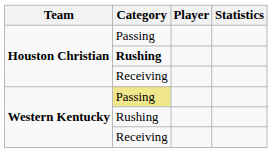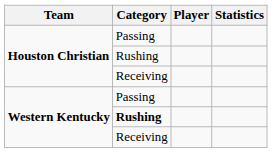 <table class="wikitable" style="float: right;">
 <tr>
 <th>Team</th>
 <th>Category</th>
 <th>Player</th>
 <th>Statistics</th>
 </tr>
 <tr>
 <td rowspan=3><strong>Houston Christian</strong></td>
 <td>Passing</td>
 <td></td>
 <td></td>
 </tr>
 <tr>
-<td><strong>Rushing</strong></td>
+<td>Rushing</td>
 <td></td>
 <td></td>
 </tr>
 <tr>
 <td>Receiving</td>
 <td></td>
 <td></td>
 </tr>
 <tr>
 <td rowspan=3><strong>Western Kentucky</strong></td>
-<td style="background: khaki;">Passing</td>
+<td>Passing</td>
 <td></td>
 <td></td>
 </tr>
 <tr>
-<td>Rushing</td>
+<td><strong>Rushing</strong></td>
 <td></td>
 <td></td>
 </tr>
 <tr>
 <td>Receiving</td>
 <td></td>
 <td></td>
 </tr>
 </table>
